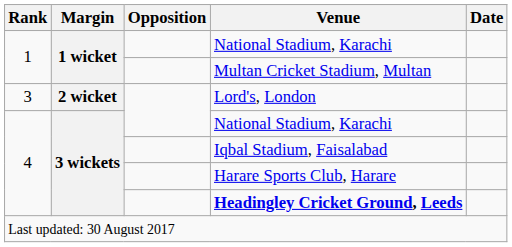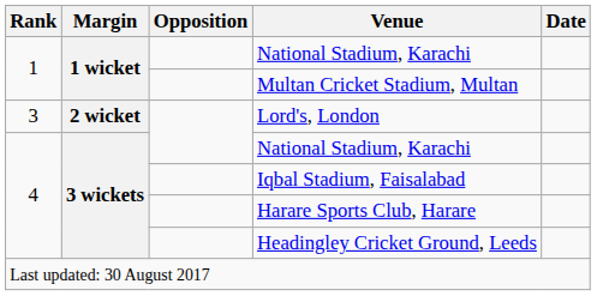 <table class="wikitable plainrowheaders sortable">
 <tr>
 <th scope="col">Rank</th>
 <th scope="col">Margin</th>
 <th scope="col">Opposition</th>
 <th scope="col">Venue</th>
 <th scope="col">Date</th>
 </tr>
 <tr>
 <td align=center rowspan=2>1</td>
 <th scope="row" style="text-align:center;"  rowspan=2>1 wicket</th>
 <td></td>
 <td><a href='#'>National Stadium</a>, <a href='#'>Karachi</a></td>
 <td></td>
 </tr>
 <tr>
 <td></td>
 <td><a href='#'>Multan Cricket Stadium</a>, <a href='#'>Multan</a></td>
 <td></td>
 </tr>
 <tr>
 <td align=center>3</td>
 <th scope="row" style="text-align:center;">2 wicket</th>
 <td rowspan=2></td>
 <td><a href='#'>Lord's</a>, <a href='#'>London</a></td>
 <td></td>
 </tr>
 <tr>
 <td align=center rowspan=4>4</td>
 <th scope="row" style="text-align:center;" rowspan=4>3 wickets</th>
 <td><a href='#'>National Stadium</a>, <a href='#'>Karachi</a></td>
 <td></td>
 </tr>
 <tr>
 <td></td>
 <td><a href='#'>Iqbal Stadium</a>, <a href='#'>Faisalabad</a></td>
 <td></td>
 </tr>
 <tr>
 <td></td>
 <td><a href='#'>Harare Sports Club</a>, <a href='#'>Harare</a></td>
 <td></td>
 </tr>
 <tr>
 <td></td>
-<td><strong><a href='#'>Headingley Cricket Ground</a>, <a href='#'>Leeds</a></strong></td>
+<td><a href='#'>Headingley Cricket Ground</a>, <a href='#'>Leeds</a></td>
 <td></td>
 </tr>
 <tr class=sortbottom>
 <td colspan=5><small>Last updated: 30 August 2017</small></td>
 </tr>
 </table>
